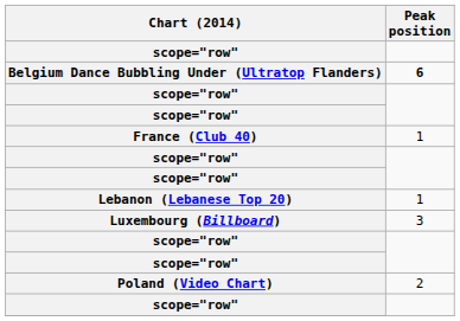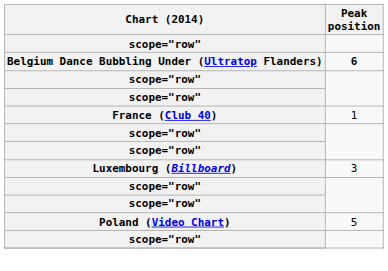 <table class="wikitable sortable plainrowheaders" border="1">
 <tr>
 <th scope="col">Chart (2014)</th>
 <th scope="col">Peak<br>position</th>
 </tr>
 <tr>
 <th>scope="row"</th>
 </tr>
 <tr>
 <th scope="row">Belgium Dance Bubbling Under (<a href='#'>Ultratop</a> Flanders)</th>
 <td style="text-align:center;"><strong>6</strong></td>
 </tr>
 <tr>
 <th>scope="row"</th>
 </tr>
 <tr>
 <th>scope="row"</th>
 </tr>
 <tr>
 <th scope="row">France (<a href='#'>Club 40</a>)</th>
 <td style="text-align:center;">1</td>
 </tr>
 <tr>
 <th>scope="row"</th>
 </tr>
 <tr>
 <th>scope="row"</th>
 </tr>
 <tr>
-<th scope="row">Lebanon (<a href='#'>Lebanese Top 20</a>)</th>
-<td style="text-align:center;">1</td>
-</tr>
-<tr>
 <th scope="row">Luxembourg (<em><a href='#'>Billboard</a></em>)</th>
 <td style="text-align:center;">3</td>
 </tr>
 <tr>
 <th>scope="row"</th>
 </tr>
 <tr>
 <th>scope="row"</th>
 </tr>
 <tr>
 <th scope="row">Poland (<a href='#'>Video Chart</a>)</th>
-<td align=center>2</td>
+<td align=center>5</td>
 </tr>
 <tr>
 <th>scope="row"</th>
 </tr>
 <tr>
 </tr>
 </table>
